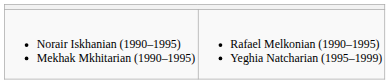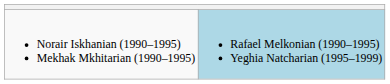 <table class="wikitable">
 <tr>
 <th colspan="2"></th>
 </tr>
 <tr>
 <td><br><ul><li>Norair Iskhanian (1990–1995)</li><li>Mekhak Mkhitarian (1990–1995)</li></ul></td>
-<td><br><ul><li>Rafael Melkonian (1990–1995)</li><li>Yeghia Natcharian (1995–1999)</li></ul></td>
+<td style="background: lightblue;"><br><ul><li>Rafael Melkonian (1990–1995)</li><li>Yeghia Natcharian (1995–1999)</li></ul></td>
 </tr>
 </table>
